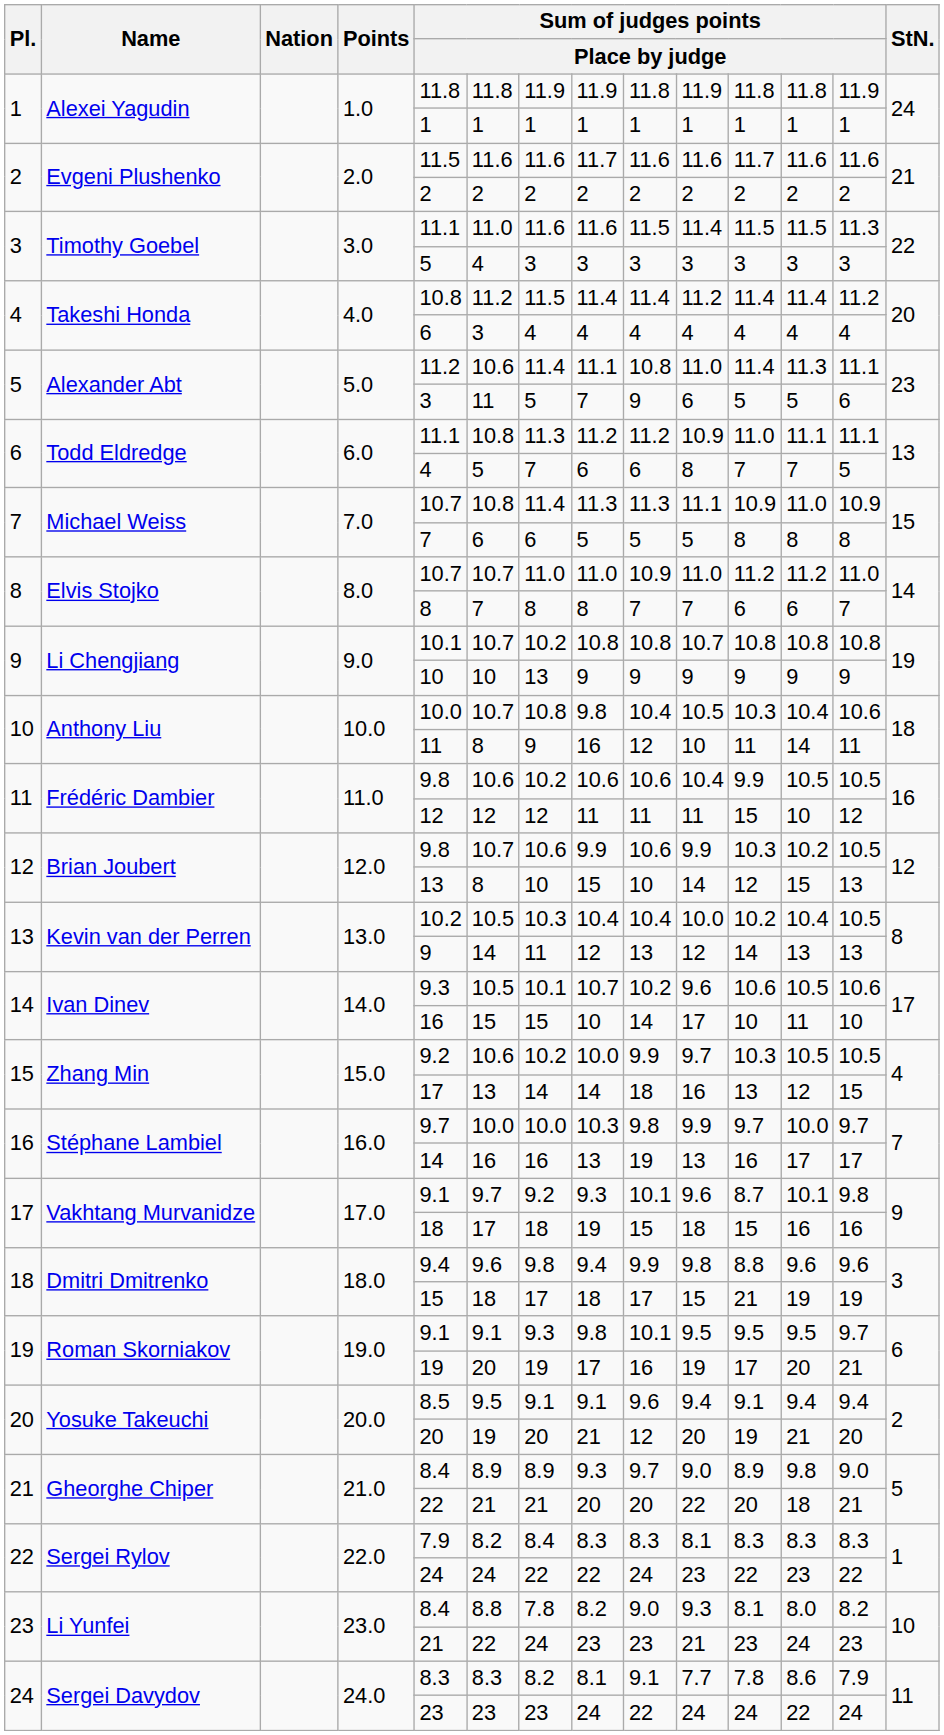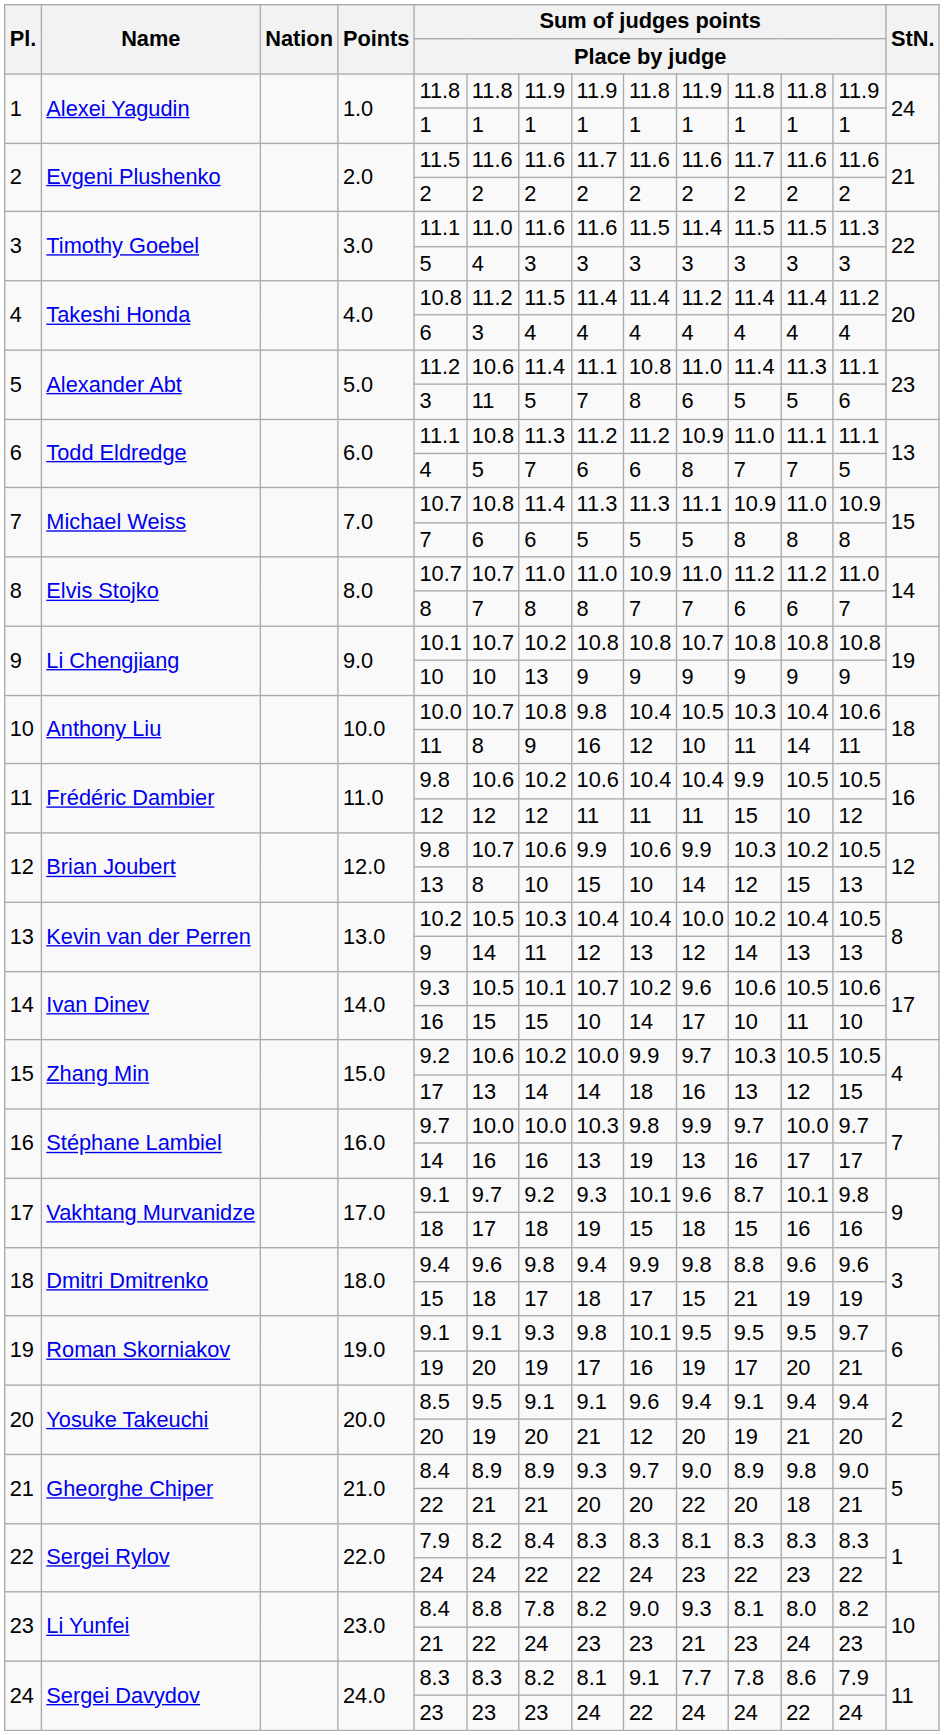 <table class="wikitable">
 <tr>
 <th rowspan="2"><strong>Pl.</strong></th>
 <th rowspan="2"><strong>Name</strong></th>
 <th rowspan="2"><strong>Nation</strong></th>
 <th rowspan="2"><strong>Points</strong></th>
 <th colspan="9"><strong>Sum of judges points</strong></th>
 <th rowspan="2"><strong>StN.</strong></th>
 </tr>
 <tr>
 <th colspan="9"><strong>Place by judge</strong></th>
 </tr>
 <tr>
 <td rowspan="2">1</td>
 <td rowspan="2"><a href='#'>Alexei Yagudin</a></td>
 <td rowspan="2"></td>
 <td rowspan="2">1.0</td>
 <td>11.8</td>
 <td>11.8</td>
 <td>11.9</td>
 <td>11.9</td>
 <td>11.8</td>
 <td>11.9</td>
 <td>11.8</td>
 <td>11.8</td>
 <td>11.9</td>
 <td rowspan="2">24</td>
 </tr>
 <tr>
 <td>1</td>
 <td>1</td>
 <td>1</td>
 <td>1</td>
 <td>1</td>
 <td>1</td>
 <td>1</td>
 <td>1</td>
 <td>1</td>
 </tr>
 <tr>
 <td rowspan="2">2</td>
 <td rowspan="2"><a href='#'>Evgeni Plushenko</a></td>
 <td rowspan="2"></td>
 <td rowspan="2">2.0</td>
 <td>11.5</td>
 <td>11.6</td>
 <td>11.6</td>
 <td>11.7</td>
 <td>11.6</td>
 <td>11.6</td>
 <td>11.7</td>
 <td>11.6</td>
 <td>11.6</td>
 <td rowspan="2">21</td>
 </tr>
 <tr>
 <td>2</td>
 <td>2</td>
 <td>2</td>
 <td>2</td>
 <td>2</td>
 <td>2</td>
 <td>2</td>
 <td>2</td>
 <td>2</td>
 </tr>
 <tr>
 <td rowspan="2">3</td>
 <td rowspan="2"><a href='#'>Timothy Goebel</a></td>
 <td rowspan="2"></td>
 <td rowspan="2">3.0</td>
 <td>11.1</td>
 <td>11.0</td>
 <td>11.6</td>
 <td>11.6</td>
 <td>11.5</td>
 <td>11.4</td>
 <td>11.5</td>
 <td>11.5</td>
 <td>11.3</td>
 <td rowspan="2">22</td>
 </tr>
 <tr>
 <td>5</td>
 <td>4</td>
 <td>3</td>
 <td>3</td>
 <td>3</td>
 <td>3</td>
 <td>3</td>
 <td>3</td>
 <td>3</td>
 </tr>
 <tr>
 <td rowspan="2">4</td>
 <td rowspan="2"><a href='#'>Takeshi Honda</a></td>
 <td rowspan="2"></td>
 <td rowspan="2">4.0</td>
 <td>10.8</td>
 <td>11.2</td>
 <td>11.5</td>
 <td>11.4</td>
 <td>11.4</td>
 <td>11.2</td>
 <td>11.4</td>
 <td>11.4</td>
 <td>11.2</td>
 <td rowspan="2">20</td>
 </tr>
 <tr>
 <td>6</td>
 <td>3</td>
 <td>4</td>
 <td>4</td>
 <td>4</td>
 <td>4</td>
 <td>4</td>
 <td>4</td>
 <td>4</td>
 </tr>
 <tr>
 <td rowspan="2">5</td>
 <td rowspan="2"><a href='#'>Alexander Abt</a></td>
 <td rowspan="2"></td>
 <td rowspan="2">5.0</td>
 <td>11.2</td>
 <td>10.6</td>
 <td>11.4</td>
 <td>11.1</td>
 <td>10.8</td>
 <td>11.0</td>
 <td>11.4</td>
 <td>11.3</td>
 <td>11.1</td>
 <td rowspan="2">23</td>
 </tr>
 <tr>
 <td>3</td>
 <td>11</td>
 <td>5</td>
 <td>7</td>
-<td>9</td>
+<td>8</td>
 <td>6</td>
 <td>5</td>
 <td>5</td>
 <td>6</td>
 </tr>
 <tr>
 <td rowspan="2">6</td>
 <td rowspan="2"><a href='#'>Todd Eldredge</a></td>
 <td rowspan="2"></td>
 <td rowspan="2">6.0</td>
 <td>11.1</td>
 <td>10.8</td>
 <td>11.3</td>
 <td>11.2</td>
 <td>11.2</td>
 <td>10.9</td>
 <td>11.0</td>
 <td>11.1</td>
 <td>11.1</td>
 <td rowspan="2">13</td>
 </tr>
 <tr>
 <td>4</td>
 <td>5</td>
 <td>7</td>
 <td>6</td>
 <td>6</td>
 <td>8</td>
 <td>7</td>
 <td>7</td>
 <td>5</td>
 </tr>
 <tr>
 <td rowspan="2">7</td>
 <td rowspan="2"><a href='#'>Michael Weiss</a></td>
 <td rowspan="2"></td>
 <td rowspan="2">7.0</td>
 <td>10.7</td>
 <td>10.8</td>
 <td>11.4</td>
 <td>11.3</td>
 <td>11.3</td>
 <td>11.1</td>
 <td>10.9</td>
 <td>11.0</td>
 <td>10.9</td>
 <td rowspan="2">15</td>
 </tr>
 <tr>
 <td>7</td>
 <td>6</td>
 <td>6</td>
 <td>5</td>
 <td>5</td>
 <td>5</td>
 <td>8</td>
 <td>8</td>
 <td>8</td>
 </tr>
 <tr>
 <td rowspan="2">8</td>
 <td rowspan="2"><a href='#'>Elvis Stojko</a></td>
 <td rowspan="2"></td>
 <td rowspan="2">8.0</td>
 <td>10.7</td>
 <td>10.7</td>
 <td>11.0</td>
 <td>11.0</td>
 <td>10.9</td>
 <td>11.0</td>
 <td>11.2</td>
 <td>11.2</td>
 <td>11.0</td>
 <td rowspan="2">14</td>
 </tr>
 <tr>
 <td>8</td>
 <td>7</td>
 <td>8</td>
 <td>8</td>
 <td>7</td>
 <td>7</td>
 <td>6</td>
 <td>6</td>
 <td>7</td>
 </tr>
 <tr>
 <td rowspan="2">9</td>
 <td rowspan="2"><a href='#'>Li Chengjiang</a></td>
 <td rowspan="2"></td>
 <td rowspan="2">9.0</td>
 <td>10.1</td>
 <td>10.7</td>
 <td>10.2</td>
 <td>10.8</td>
 <td>10.8</td>
 <td>10.7</td>
 <td>10.8</td>
 <td>10.8</td>
 <td>10.8</td>
 <td rowspan="2">19</td>
 </tr>
 <tr>
 <td>10</td>
 <td>10</td>
 <td>13</td>
 <td>9</td>
 <td>9</td>
 <td>9</td>
 <td>9</td>
 <td>9</td>
 <td>9</td>
 </tr>
 <tr>
 <td rowspan="2">10</td>
 <td rowspan="2"><a href='#'>Anthony Liu</a></td>
 <td rowspan="2"></td>
 <td rowspan="2">10.0</td>
 <td>10.0</td>
 <td>10.7</td>
 <td>10.8</td>
 <td>9.8</td>
 <td>10.4</td>
 <td>10.5</td>
 <td>10.3</td>
 <td>10.4</td>
 <td>10.6</td>
 <td rowspan="2">18</td>
 </tr>
 <tr>
 <td>11</td>
 <td>8</td>
 <td>9</td>
 <td>16</td>
 <td>12</td>
 <td>10</td>
 <td>11</td>
 <td>14</td>
 <td>11</td>
 </tr>
 <tr>
 <td rowspan="2">11</td>
 <td rowspan="2"><a href='#'>Frédéric Dambier</a></td>
 <td rowspan="2"></td>
 <td rowspan="2">11.0</td>
 <td>9.8</td>
 <td>10.6</td>
 <td>10.2</td>
 <td>10.6</td>
-<td>10.6</td>
+<td>10.4</td>
 <td>10.4</td>
 <td>9.9</td>
 <td>10.5</td>
 <td>10.5</td>
 <td rowspan="2">16</td>
 </tr>
 <tr>
 <td>12</td>
 <td>12</td>
 <td>12</td>
 <td>11</td>
 <td>11</td>
 <td>11</td>
 <td>15</td>
 <td>10</td>
 <td>12</td>
 </tr>
 <tr>
 <td rowspan="2">12</td>
 <td rowspan="2"><a href='#'>Brian Joubert</a></td>
 <td rowspan="2"></td>
 <td rowspan="2">12.0</td>
 <td>9.8</td>
 <td>10.7</td>
 <td>10.6</td>
 <td>9.9</td>
 <td>10.6</td>
 <td>9.9</td>
 <td>10.3</td>
 <td>10.2</td>
 <td>10.5</td>
 <td rowspan="2">12</td>
 </tr>
 <tr>
 <td>13</td>
 <td>8</td>
 <td>10</td>
 <td>15</td>
 <td>10</td>
 <td>14</td>
 <td>12</td>
 <td>15</td>
 <td>13</td>
 </tr>
 <tr>
 <td rowspan="2">13</td>
 <td rowspan="2"><a href='#'>Kevin van der Perren</a></td>
 <td rowspan="2"></td>
 <td rowspan="2">13.0</td>
 <td>10.2</td>
 <td>10.5</td>
 <td>10.3</td>
 <td>10.4</td>
 <td>10.4</td>
 <td>10.0</td>
 <td>10.2</td>
 <td>10.4</td>
 <td>10.5</td>
 <td rowspan="2">8</td>
 </tr>
 <tr>
 <td>9</td>
 <td>14</td>
 <td>11</td>
 <td>12</td>
 <td>13</td>
 <td>12</td>
 <td>14</td>
 <td>13</td>
 <td>13</td>
 </tr>
 <tr>
 <td rowspan="2">14</td>
 <td rowspan="2"><a href='#'>Ivan Dinev</a></td>
 <td rowspan="2"></td>
 <td rowspan="2">14.0</td>
 <td>9.3</td>
 <td>10.5</td>
 <td>10.1</td>
 <td>10.7</td>
 <td>10.2</td>
 <td>9.6</td>
 <td>10.6</td>
 <td>10.5</td>
 <td>10.6</td>
 <td rowspan="2">17</td>
 </tr>
 <tr>
 <td>16</td>
 <td>15</td>
 <td>15</td>
 <td>10</td>
 <td>14</td>
 <td>17</td>
 <td>10</td>
 <td>11</td>
 <td>10</td>
 </tr>
 <tr>
 <td rowspan="2">15</td>
 <td rowspan="2"><a href='#'>Zhang Min</a></td>
 <td rowspan="2"></td>
 <td rowspan="2">15.0</td>
 <td>9.2</td>
 <td>10.6</td>
 <td>10.2</td>
 <td>10.0</td>
 <td>9.9</td>
 <td>9.7</td>
 <td>10.3</td>
 <td>10.5</td>
 <td>10.5</td>
 <td rowspan="2">4</td>
 </tr>
 <tr>
 <td>17</td>
 <td>13</td>
 <td>14</td>
 <td>14</td>
 <td>18</td>
 <td>16</td>
 <td>13</td>
 <td>12</td>
 <td>15</td>
 </tr>
 <tr>
 <td rowspan="2">16</td>
 <td rowspan="2"><a href='#'>Stéphane Lambiel</a></td>
 <td rowspan="2"></td>
 <td rowspan="2">16.0</td>
 <td>9.7</td>
 <td>10.0</td>
 <td>10.0</td>
 <td>10.3</td>
 <td>9.8</td>
 <td>9.9</td>
 <td>9.7</td>
 <td>10.0</td>
 <td>9.7</td>
 <td rowspan="2">7</td>
 </tr>
 <tr>
 <td>14</td>
 <td>16</td>
 <td>16</td>
 <td>13</td>
 <td>19</td>
 <td>13</td>
 <td>16</td>
 <td>17</td>
 <td>17</td>
 </tr>
 <tr>
 <td rowspan="2">17</td>
 <td rowspan="2"><a href='#'>Vakhtang Murvanidze</a></td>
 <td rowspan="2"></td>
 <td rowspan="2">17.0</td>
 <td>9.1</td>
 <td>9.7</td>
 <td>9.2</td>
 <td>9.3</td>
 <td>10.1</td>
 <td>9.6</td>
 <td>8.7</td>
 <td>10.1</td>
 <td>9.8</td>
 <td rowspan="2">9</td>
 </tr>
 <tr>
 <td>18</td>
 <td>17</td>
 <td>18</td>
 <td>19</td>
 <td>15</td>
 <td>18</td>
 <td>15</td>
 <td>16</td>
 <td>16</td>
 </tr>
 <tr>
 <td rowspan="2">18</td>
 <td rowspan="2"><a href='#'>Dmitri Dmitrenko</a></td>
 <td rowspan="2"></td>
 <td rowspan="2">18.0</td>
 <td>9.4</td>
 <td>9.6</td>
 <td>9.8</td>
 <td>9.4</td>
 <td>9.9</td>
 <td>9.8</td>
 <td>8.8</td>
 <td>9.6</td>
 <td>9.6</td>
 <td rowspan="2">3</td>
 </tr>
 <tr>
 <td>15</td>
 <td>18</td>
 <td>17</td>
 <td>18</td>
 <td>17</td>
 <td>15</td>
 <td>21</td>
 <td>19</td>
 <td>19</td>
 </tr>
 <tr>
 <td rowspan="2">19</td>
 <td rowspan="2"><a href='#'>Roman Skorniakov</a></td>
 <td rowspan="2"></td>
 <td rowspan="2">19.0</td>
 <td>9.1</td>
 <td>9.1</td>
 <td>9.3</td>
 <td>9.8</td>
 <td>10.1</td>
 <td>9.5</td>
 <td>9.5</td>
 <td>9.5</td>
 <td>9.7</td>
 <td rowspan="2">6</td>
 </tr>
 <tr>
 <td>19</td>
 <td>20</td>
 <td>19</td>
 <td>17</td>
 <td>16</td>
 <td>19</td>
 <td>17</td>
 <td>20</td>
 <td>21</td>
 </tr>
 <tr>
 <td rowspan="2">20</td>
 <td rowspan="2"><a href='#'>Yosuke Takeuchi</a></td>
 <td rowspan="2"></td>
 <td rowspan="2">20.0</td>
 <td>8.5</td>
 <td>9.5</td>
 <td>9.1</td>
 <td>9.1</td>
 <td>9.6</td>
 <td>9.4</td>
 <td>9.1</td>
 <td>9.4</td>
 <td>9.4</td>
 <td rowspan="2">2</td>
 </tr>
 <tr>
 <td>20</td>
 <td>19</td>
 <td>20</td>
 <td>21</td>
 <td>12</td>
 <td>20</td>
 <td>19</td>
 <td>21</td>
 <td>20</td>
 </tr>
 <tr>
 <td rowspan="2">21</td>
 <td rowspan="2"><a href='#'>Gheorghe Chiper</a></td>
 <td rowspan="2"></td>
 <td rowspan="2">21.0</td>
 <td>8.4</td>
 <td>8.9</td>
 <td>8.9</td>
 <td>9.3</td>
 <td>9.7</td>
 <td>9.0</td>
 <td>8.9</td>
 <td>9.8</td>
 <td>9.0</td>
 <td rowspan="2">5</td>
 </tr>
 <tr>
 <td>22</td>
 <td>21</td>
 <td>21</td>
 <td>20</td>
 <td>20</td>
 <td>22</td>
 <td>20</td>
 <td>18</td>
 <td>21</td>
 </tr>
 <tr>
 <td rowspan="2">22</td>
 <td rowspan="2"><a href='#'>Sergei Rylov</a></td>
 <td rowspan="2"></td>
 <td rowspan="2">22.0</td>
 <td>7.9</td>
 <td>8.2</td>
 <td>8.4</td>
 <td>8.3</td>
 <td>8.3</td>
 <td>8.1</td>
 <td>8.3</td>
 <td>8.3</td>
 <td>8.3</td>
 <td rowspan="2">1</td>
 </tr>
 <tr>
 <td>24</td>
 <td>24</td>
 <td>22</td>
 <td>22</td>
 <td>24</td>
 <td>23</td>
 <td>22</td>
 <td>23</td>
 <td>22</td>
 </tr>
 <tr>
 <td rowspan="2">23</td>
 <td rowspan="2"><a href='#'>Li Yunfei</a></td>
 <td rowspan="2"></td>
 <td rowspan="2">23.0</td>
 <td>8.4</td>
 <td>8.8</td>
 <td>7.8</td>
 <td>8.2</td>
 <td>9.0</td>
 <td>9.3</td>
 <td>8.1</td>
 <td>8.0</td>
 <td>8.2</td>
 <td rowspan="2">10</td>
 </tr>
 <tr>
 <td>21</td>
 <td>22</td>
 <td>24</td>
 <td>23</td>
 <td>23</td>
 <td>21</td>
 <td>23</td>
 <td>24</td>
 <td>23</td>
 </tr>
 <tr>
 <td rowspan="2">24</td>
 <td rowspan="2"><a href='#'>Sergei Davydov</a></td>
 <td rowspan="2"></td>
 <td rowspan="2">24.0</td>
 <td>8.3</td>
 <td>8.3</td>
 <td>8.2</td>
 <td>8.1</td>
 <td>9.1</td>
 <td>7.7</td>
 <td>7.8</td>
 <td>8.6</td>
 <td>7.9</td>
 <td rowspan="2">11</td>
 </tr>
 <tr>
 <td>23</td>
 <td>23</td>
 <td>23</td>
 <td>24</td>
 <td>22</td>
 <td>24</td>
 <td>24</td>
 <td>22</td>
 <td>24</td>
 </tr>
 </table>
